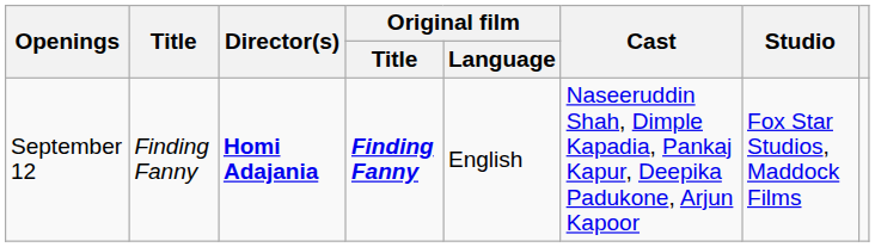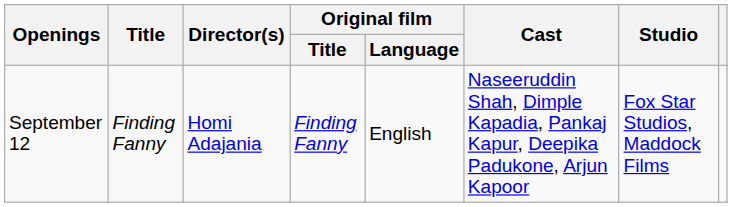 <table class="wikitable sortable">
 <tr>
 <th scope="col" rowspan="2">Openings</th>
 <th scope="col" rowspan="2">Title</th>
 <th scope="col" rowspan="2">Director(s)</th>
 <th scope="col" colspan="2">Original film</th>
 <th scope="col" rowspan="2">Cast</th>
 <th scope="col" rowspan="2">Studio</th>
 <th scope="col" rowspan="2" class="unsortable"></th>
 </tr>
 <tr>
 <th scope="col">Title</th>
 <th scope="col">Language</th>
 </tr>
 <tr>
 <td>September 12</td>
 <td><em>Finding Fanny</em></td>
-<td><strong><a href='#'>Homi Adajania</a></strong></td>
-<td><strong><em><a href='#'>Finding Fanny</a></em></strong></td>
+<td><a href='#'>Homi Adajania</a></td>
+<td><em><a href='#'>Finding Fanny</a></em></td>
 <td>English</td>
 <td><a href='#'>Naseeruddin Shah</a>, <a href='#'>Dimple Kapadia</a>, <a href='#'>Pankaj Kapur</a>, <a href='#'>Deepika Padukone</a>, <a href='#'>Arjun Kapoor</a></td>
 <td><a href='#'>Fox Star Studios</a>, <a href='#'>Maddock Films</a></td>
 <td></td>
 </tr>
 </table>
